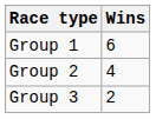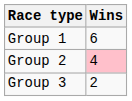 <table class="wikitable">
 <tr>
 <th>Race type</th>
 <th>Wins</th>
 </tr>
 <tr>
 <td>Group 1</td>
 <td>6</td>
 </tr>
 <tr>
 <td>Group 2</td>
-<td>4</td>
+<td style="background: pink;">4</td>
 </tr>
 <tr>
 <td>Group 3</td>
 <td>2</td>
 </tr>
 </table>
